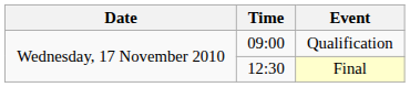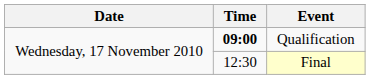 <table class = "wikitable" style="text-align:center;">
 <tr>
 <th width=220>Date</th>
 <th width=50>Time</th>
 <th width=100>Event</th>
 </tr>
 <tr>
 <td rowspan=2>Wednesday, 17 November 2010</td>
-<td>09:00</td>
+<td><strong>09:00</strong></td>
 <td>Qualification</td>
 </tr>
 <tr>
 <td>12:30</td>
 <td bgcolor=ffffcc>Final</td>
 </tr>
 </table>
